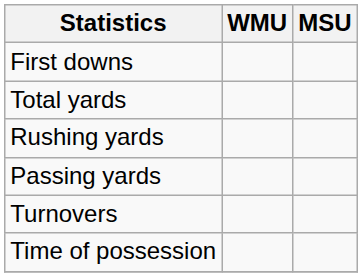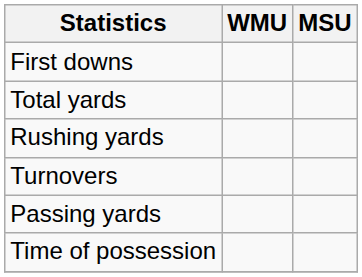 <table class="wikitable" style="float: left;">
 <tr>
 <th>Statistics</th>
 <th>WMU</th>
 <th>MSU</th>
 </tr>
 <tr>
 <td>First downs</td>
 <td></td>
 <td></td>
 </tr>
 <tr>
 <td>Total yards</td>
 <td></td>
 <td></td>
 </tr>
 <tr>
 <td>Rushing yards</td>
 <td></td>
 <td></td>
 </tr>
 <tr>
-<td>Passing yards</td>
+<td>Turnovers</td>
 <td></td>
 <td></td>
 </tr>
 <tr>
-<td>Turnovers</td>
+<td>Passing yards</td>
 <td></td>
 <td></td>
 </tr>
 <tr>
 <td>Time of possession</td>
 <td></td>
 <td></td>
 </tr>
 <tr>
 </tr>
 </table>
